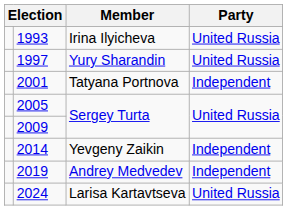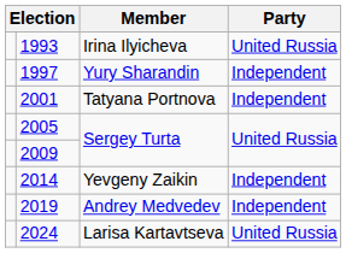 <table class="wikitable">
 <tr>
 <th colspan="2">Election</th>
 <th>Member</th>
 <th>Party</th>
 </tr>
 <tr>
 <td style="background-color:"></td>
 <td><a href='#'>1993</a></td>
 <td>Irina Ilyicheva</td>
 <td><a href='#'>United Russia</a></td>
 </tr>
 <tr>
 <td style="background-color:"></td>
 <td><a href='#'>1997</a></td>
 <td><a href='#'>Yury Sharandin</a></td>
-<td><a href='#'>United Russia</a></td>
+<td><a href='#'>Independent</a></td>
 </tr>
 <tr>
 <td style="background-color:"></td>
 <td><a href='#'>2001</a></td>
 <td>Tatyana Portnova</td>
 <td><a href='#'>Independent</a></td>
 </tr>
 <tr>
 <td style="background-color:"></td>
 <td><a href='#'>2005</a></td>
 <td rowspan=2><a href='#'>Sergey Turta</a></td>
 <td rowspan=2><a href='#'>United Russia</a></td>
 </tr>
 <tr>
 <td style="background-color:"></td>
 <td><a href='#'>2009</a></td>
 </tr>
 <tr>
 <td style="background-color:"></td>
 <td><a href='#'>2014</a></td>
 <td>Yevgeny Zaikin</td>
 <td><a href='#'>Independent</a></td>
 </tr>
 <tr>
 <td style="background-color:"></td>
 <td><a href='#'>2019</a></td>
 <td><a href='#'>Andrey Medvedev</a></td>
 <td><a href='#'>Independent</a></td>
 </tr>
 <tr>
 <td style="background-color:"></td>
 <td><a href='#'>2024</a></td>
 <td>Larisa Kartavtseva</td>
 <td><a href='#'>United Russia</a></td>
 </tr>
 </table>
